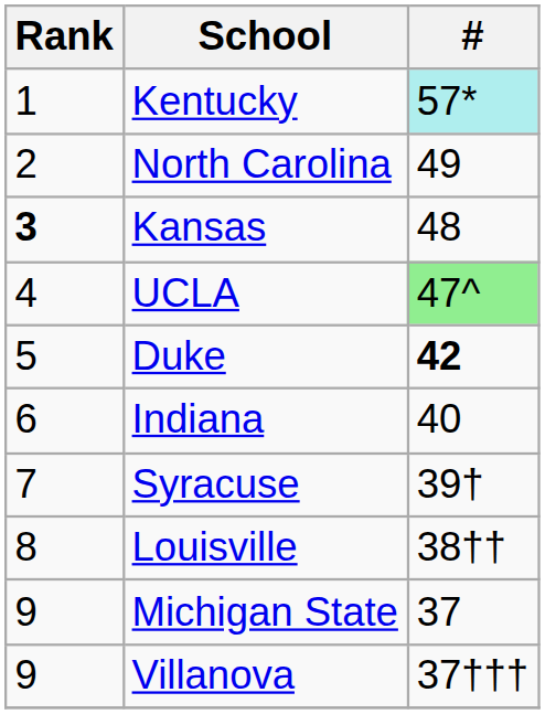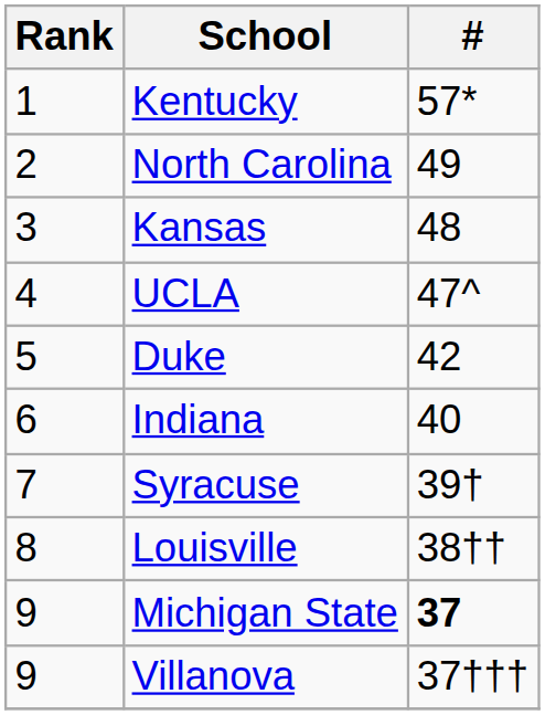 <table class="wikitable">
 <tr>
 <th>Rank</th>
 <th>School</th>
 <th>#</th>
 </tr>
 <tr>
 <td>1</td>
 <td><a href='#'>Kentucky</a></td>
-<td style="background: paleturquoise;">57*</td>
+<td>57*</td>
 </tr>
 <tr>
 <td>2</td>
 <td><a href='#'>North Carolina</a></td>
 <td>49</td>
 </tr>
 <tr>
-<td><strong>3</strong></td>
+<td>3</td>
 <td><a href='#'>Kansas</a></td>
 <td>48</td>
 </tr>
 <tr>
 <td>4</td>
 <td><a href='#'>UCLA</a></td>
-<td style="background: lightgreen;">47^</td>
+<td>47^</td>
 </tr>
 <tr>
 <td>5</td>
 <td><a href='#'>Duke</a></td>
-<td><strong>42</strong></td>
+<td>42</td>
 </tr>
 <tr>
 <td>6</td>
 <td><a href='#'>Indiana</a></td>
 <td>40</td>
 </tr>
 <tr>
 <td>7</td>
 <td><a href='#'>Syracuse</a></td>
 <td>39†</td>
 </tr>
 <tr>
 <td>8</td>
 <td><a href='#'>Louisville</a></td>
 <td>38††</td>
 </tr>
 <tr>
 <td>9</td>
 <td><a href='#'>Michigan State</a></td>
-<td>37</td>
+<td><strong>37</strong></td>
 </tr>
 <tr>
 <td>9</td>
 <td><a href='#'>Villanova</a></td>
 <td>37†††</td>
 </tr>
 <tr>
 </tr>
 </table>
